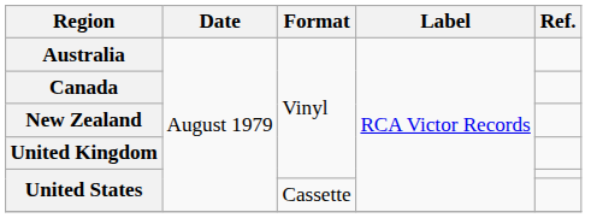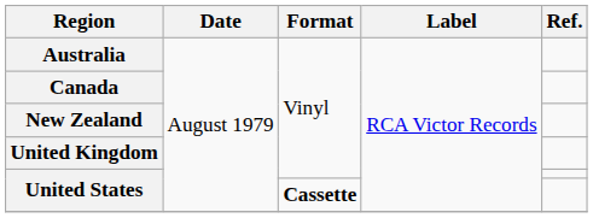 <table class="wikitable plainrowheaders">
 <tr>
 <th scope="col">Region</th>
 <th scope="col">Date</th>
 <th scope="col">Format</th>
 <th scope="col">Label</th>
 <th scope="col">Ref.</th>
 </tr>
 <tr>
 <th scope="row">Australia</th>
 <td rowspan="6">August 1979</td>
 <td rowspan="5">Vinyl</td>
 <td rowspan="6"><a href='#'>RCA Victor Records</a></td>
 <td></td>
 </tr>
 <tr>
 <th scope="row">Canada</th>
 <td></td>
 </tr>
 <tr>
 <th scope="row">New Zealand</th>
 <td></td>
 </tr>
 <tr>
 <th scope="row">United Kingdom</th>
 <td></td>
 </tr>
 <tr>
 <th scope="row" rowspan="2">United States</th>
 <td></td>
 </tr>
 <tr>
-<td>Cassette</td>
+<td><strong>Cassette</strong></td>
 <td></td>
 </tr>
 <tr>
 </tr>
 </table>
